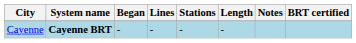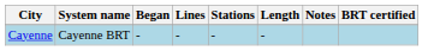 <table class="wikitable">
 <tr>
 <th>City</th>
 <th>System name</th>
 <th>Began</th>
 <th>Lines</th>
 <th>Stations</th>
 <th>Length</th>
 <th>Notes</th>
 <th>BRT certified</th>
 </tr>
 <tr>
 </tr>
 <tr style="background:lightblue;">
 <td><a href='#'>Cayenne</a></td>
-<td><strong>Cayenne BRT</strong></td>
+<td>Cayenne BRT</td>
 <td>-</td>
 <td>-</td>
 <td>-</td>
 <td>-</td>
 <td></td>
 <td></td>
 </tr>
 </table>
